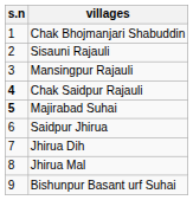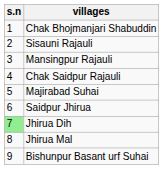 <table class="wikitable">
 <tr>
 <th>s.n</th>
 <th>villages</th>
 </tr>
 <tr>
 <td>1</td>
 <td>Chak Bhojmanjari Shabuddin</td>
 </tr>
 <tr>
 <td>2</td>
 <td>Sisauni Rajauli</td>
 </tr>
 <tr>
 <td>3</td>
 <td>Mansingpur Rajauli</td>
 </tr>
 <tr>
-<td><strong>4</strong></td>
+<td>4</td>
 <td>Chak Saidpur Rajauli</td>
 </tr>
 <tr>
-<td><strong>5</strong></td>
+<td>5</td>
 <td>Majirabad Suhai</td>
 </tr>
 <tr>
 <td>6</td>
 <td>Saidpur Jhirua</td>
 </tr>
 <tr>
-<td>7</td>
+<td style="background: lightgreen;">7</td>
 <td>Jhirua Dih</td>
 </tr>
 <tr>
 <td>8</td>
 <td>Jhirua Mal</td>
 </tr>
 <tr>
 <td>9</td>
 <td>Bishunpur Basant urf Suhai</td>
 </tr>
 </table>
